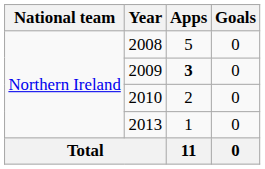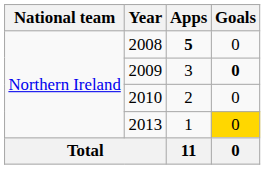 <table class="wikitable" style="text-align:center">
 <tr>
 <th>National team</th>
 <th>Year</th>
 <th>Apps</th>
 <th>Goals</th>
 </tr>
 <tr>
 <td rowspan="4"><a href='#'>Northern Ireland</a></td>
 <td>2008</td>
-<td>5</td>
+<td><strong>5</strong></td>
 <td>0</td>
 </tr>
 <tr>
 <td>2009</td>
-<td><strong>3</strong></td>
-<td>0</td>
+<td>3</td>
+<td><strong>0</strong></td>
 </tr>
 <tr>
 <td>2010</td>
 <td>2</td>
 <td>0</td>
 </tr>
 <tr>
 <td>2013</td>
 <td>1</td>
-<td>0</td>
+<td style="background: gold;">0</td>
 </tr>
 <tr>
 <th colspan="2">Total</th>
 <th>11</th>
 <th>0</th>
 </tr>
 </table>
